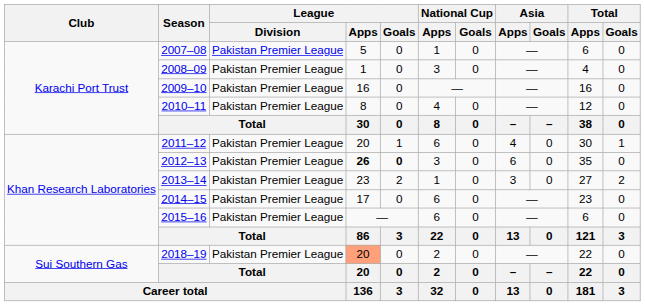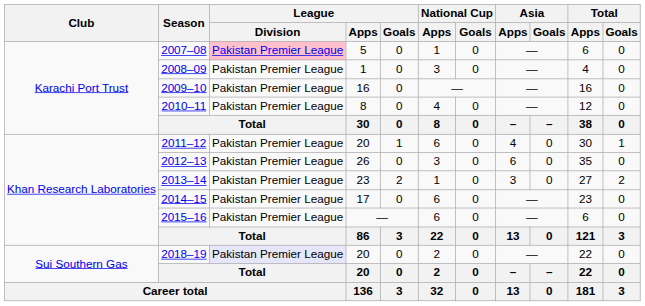 <table class="wikitable" style="text-align:center">
 <tr>
 <th rowspan="2">Club</th>
 <th rowspan="2">Season</th>
 <th colspan="3">League</th>
 <th colspan="2">National Cup</th>
 <th colspan="2">Asia</th>
 <th colspan="2">Total</th>
 </tr>
 <tr>
 <th>Division</th>
 <th>Apps</th>
 <th>Goals</th>
 <th>Apps</th>
 <th>Goals</th>
 <th>Apps</th>
 <th>Goals</th>
 <th>Apps</th>
 <th>Goals</th>
 </tr>
 <tr>
 <td rowspan="5"><a href='#'>Karachi Port Trust</a></td>
 <td><a href='#'>2007–08</a></td>
-<td><a href='#'>Pakistan Premier League</a></td>
+<td style="background: pink;"><a href='#'>Pakistan Premier League</a></td>
 <td>5</td>
 <td>0</td>
 <td>1</td>
 <td>0</td>
 <td colspan="2">—</td>
 <td>6</td>
 <td>0</td>
 </tr>
 <tr>
 <td><a href='#'>2008–09</a></td>
 <td>Pakistan Premier League</td>
 <td>1</td>
 <td>0</td>
 <td>3</td>
 <td>0</td>
 <td colspan="2">—</td>
 <td>4</td>
 <td>0</td>
 </tr>
 <tr>
 <td><a href='#'>2009–10</a></td>
 <td>Pakistan Premier League</td>
 <td>16</td>
 <td>0</td>
 <td colspan="2">—</td>
 <td colspan="2">—</td>
 <td>16</td>
 <td>0</td>
 </tr>
 <tr>
 <td><a href='#'>2010–11</a></td>
 <td>Pakistan Premier League</td>
 <td>8</td>
 <td>0</td>
 <td>4</td>
 <td>0</td>
 <td colspan="2">—</td>
 <td>12</td>
 <td>0</td>
 </tr>
 <tr>
 <th colspan="2">Total</th>
 <th>30</th>
 <th>0</th>
 <th>8</th>
 <th>0</th>
 <th>–</th>
 <th>–</th>
 <th>38</th>
 <th>0</th>
 </tr>
 <tr>
 <td rowspan="6"><a href='#'>Khan Research Laboratories</a></td>
 <td><a href='#'>2011–12</a></td>
 <td>Pakistan Premier League</td>
 <td>20</td>
 <td>1</td>
 <td>6</td>
 <td>0</td>
 <td>4</td>
 <td>0</td>
 <td>30</td>
 <td>1</td>
 </tr>
 <tr>
 <td><a href='#'>2012–13</a></td>
 <td>Pakistan Premier League</td>
-<td><strong>26</strong></td>
-<td><strong>0</strong></td>
+<td>26</td>
+<td>0</td>
 <td>3</td>
 <td>0</td>
 <td>6</td>
 <td>0</td>
 <td>35</td>
 <td>0</td>
 </tr>
 <tr>
 <td><a href='#'>2013–14</a></td>
 <td>Pakistan Premier League</td>
 <td>23</td>
 <td>2</td>
 <td>1</td>
 <td>0</td>
 <td>3</td>
 <td>0</td>
 <td>27</td>
 <td>2</td>
 </tr>
 <tr>
 <td><a href='#'>2014–15</a></td>
 <td>Pakistan Premier League</td>
 <td>17</td>
 <td>0</td>
 <td>6</td>
 <td>0</td>
 <td colspan="2">—</td>
 <td>23</td>
 <td>0</td>
 </tr>
 <tr>
 <td><a href='#'>2015–16</a></td>
 <td>Pakistan Premier League</td>
 <td colspan="2">—</td>
 <td>6</td>
 <td>0</td>
 <td colspan="2">—</td>
 <td>6</td>
 <td>0</td>
 </tr>
 <tr>
 <th colspan="2">Total</th>
 <th>86</th>
 <th>3</th>
 <th>22</th>
 <th>0</th>
 <th>13</th>
 <th>0</th>
 <th>121</th>
 <th>3</th>
 </tr>
 <tr>
 <td rowspan="2"><a href='#'>Sui Southern Gas</a></td>
 <td><a href='#'>2018–19</a></td>
-<td>Pakistan Premier League</td>
-<td style="background: lightsalmon;">20</td>
+<td style="background: lavender;">Pakistan Premier League</td>
+<td>20</td>
 <td>0</td>
 <td>2</td>
 <td>0</td>
 <td colspan="2">—</td>
 <td>22</td>
 <td>0</td>
 </tr>
 <tr>
 <th colspan="2">Total</th>
 <th>20</th>
 <th>0</th>
 <th>2</th>
 <th>0</th>
 <th>–</th>
 <th>–</th>
 <th>22</th>
 <th>0</th>
 </tr>
 <tr>
 <th colspan="3">Career total</th>
 <th>136</th>
 <th>3</th>
 <th>32</th>
 <th>0</th>
 <th>13</th>
 <th>0</th>
 <th>181</th>
 <th>3</th>
 </tr>
 </table>
